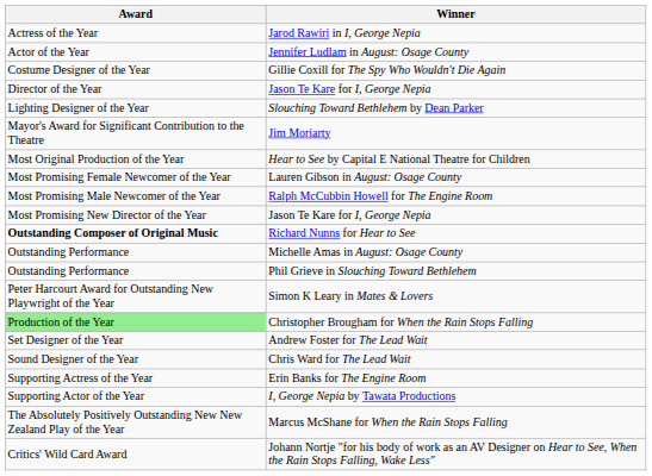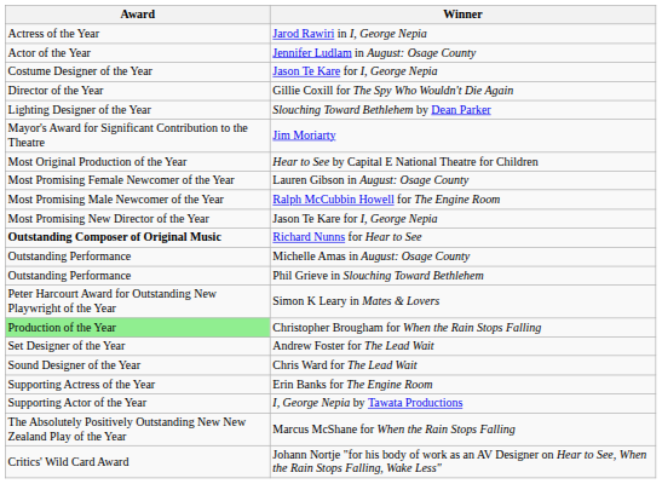 <table class="wikitable sortable">
 <tr>
 <th>Award</th>
 <th>Winner</th>
 </tr>
 <tr>
 <td>Actress of the Year</td>
 <td><a href='#'>Jarod Rawiri</a> in <em>I, George Nepia</em></td>
 </tr>
 <tr>
 <td>Actor of the Year</td>
 <td><a href='#'>Jennifer Ludlam</a> in <em>August: Osage County</em></td>
 </tr>
 <tr>
 <td>Costume Designer of the Year</td>
-<td>Gillie Coxill for <em>The Spy Who Wouldn't Die Again</em></td>
+<td><a href='#'>Jason Te Kare</a> for <em>I, George Nepia</em></td>
 </tr>
 <tr>
 <td>Director of the Year</td>
-<td><a href='#'>Jason Te Kare</a> for <em>I, George Nepia</em></td>
+<td>Gillie Coxill for <em>The Spy Who Wouldn't Die Again</em></td>
 </tr>
 <tr>
 <td>Lighting Designer of the Year</td>
 <td><em>Slouching Toward Bethlehem</em> by <a href='#'>Dean Parker</a></td>
 </tr>
 <tr>
 <td>Mayor's Award for Significant Contribution to the Theatre</td>
 <td><a href='#'>Jim Moriarty</a></td>
 </tr>
 <tr>
 <td>Most Original Production of the Year</td>
 <td><em>Hear to See</em> by Capital E National Theatre for Children</td>
 </tr>
 <tr>
 <td>Most Promising Female Newcomer of the Year</td>
 <td>Lauren Gibson in <em>August: Osage County</em> </td>
 </tr>
 <tr>
 <td>Most Promising Male Newcomer of the Year</td>
 <td><a href='#'>Ralph McCubbin Howell</a> for <em>The Engine Room</em></td>
 </tr>
 <tr>
 <td>Most Promising New Director of the Year</td>
 <td>Jason Te Kare for <em>I, George Nepia</em></td>
 </tr>
 <tr>
 <td><strong>Outstanding Composer of Original Music</strong></td>
 <td><a href='#'>Richard Nunns</a> for <em>Hear to See</em></td>
 </tr>
 <tr>
 <td>Outstanding Performance</td>
 <td>Michelle Amas in <em>August: Osage County</em></td>
 </tr>
 <tr>
 <td>Outstanding Performance</td>
 <td>Phil Grieve in <em>Slouching Toward Bethlehem</em></td>
 </tr>
 <tr>
 <td>Peter Harcourt Award for Outstanding New Playwright of the Year</td>
 <td>Simon K Leary in <em>Mates & Lovers</em> </td>
 </tr>
 <tr>
 <td style="background: lightgreen;">Production of the Year</td>
 <td>Christopher Brougham for <em>When the Rain Stops Falling</em></td>
 </tr>
 <tr>
 <td>Set Designer of the Year</td>
 <td>Andrew Foster for <em>The Lead Wait</em></td>
 </tr>
 <tr>
 <td>Sound Designer of the Year</td>
 <td>Chris Ward for <em>The Lead Wait</em></td>
 </tr>
 <tr>
 <td>Supporting Actress of the Year</td>
 <td>Erin Banks for <em>The Engine Room</em></td>
 </tr>
 <tr>
 <td>Supporting Actor of the Year</td>
 <td><em>I, George Nepia</em> by <a href='#'>Tawata Productions</a></td>
 </tr>
 <tr>
 <td>The Absolutely Positively Outstanding New New Zealand Play of the Year</td>
 <td>Marcus McShane for <em>When the Rain Stops Falling</em></td>
 </tr>
 <tr>
 <td>Critics' Wild Card Award</td>
 <td>Johann Nortje "for his body of work as an AV Designer on <em>Hear to See</em>, <em>When the Rain Stops Falling</em>, <em>Wake Less"</em></td>
 </tr>
 </table>
